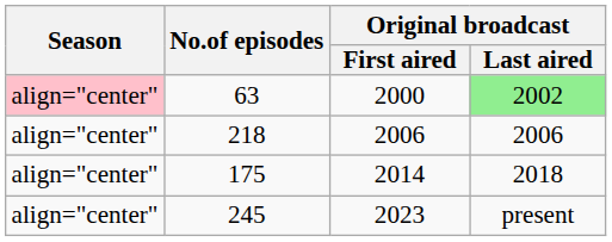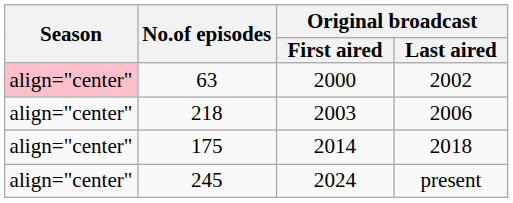 <table class="wikitable" style="text-align:center">
 <tr>
 <th style="padding: 0 8px" rowspan="2">Season</th>
 <th rowspan="2">No.of episodes</th>
 <th colspan="2">Original broadcast</th>
 </tr>
 <tr>
 <th style="padding: 0 8px">First aired</th>
 <th style="padding: 0 8px">Last aired</th>
 </tr>
 <tr>
 <td style="background: pink;">align="center" </td>
 <td style="text-align:center;">63</td>
 <td style="text-align:center;">2000</td>
-<td style="background: lightgreen; text-align:center;">2002</td>
+<td style="text-align:center;">2002</td>
 </tr>
 <tr>
 <td>align="center" </td>
 <td style="text-align:center;">218</td>
-<td style="text-align:center;">2006</td>
+<td style="text-align:center;">2003</td>
 <td>2006</td>
 </tr>
 <tr>
 <td>align="center" </td>
 <td style="text-align:center;">175</td>
 <td style="text-align:center;">2014</td>
 <td>2018</td>
 </tr>
 <tr>
 <td>align="center" </td>
 <td style="text-align:center;">245</td>
-<td style="text-align:center;">2023</td>
+<td style="text-align:center;">2024</td>
 <td>present</td>
 </tr>
 </table>
